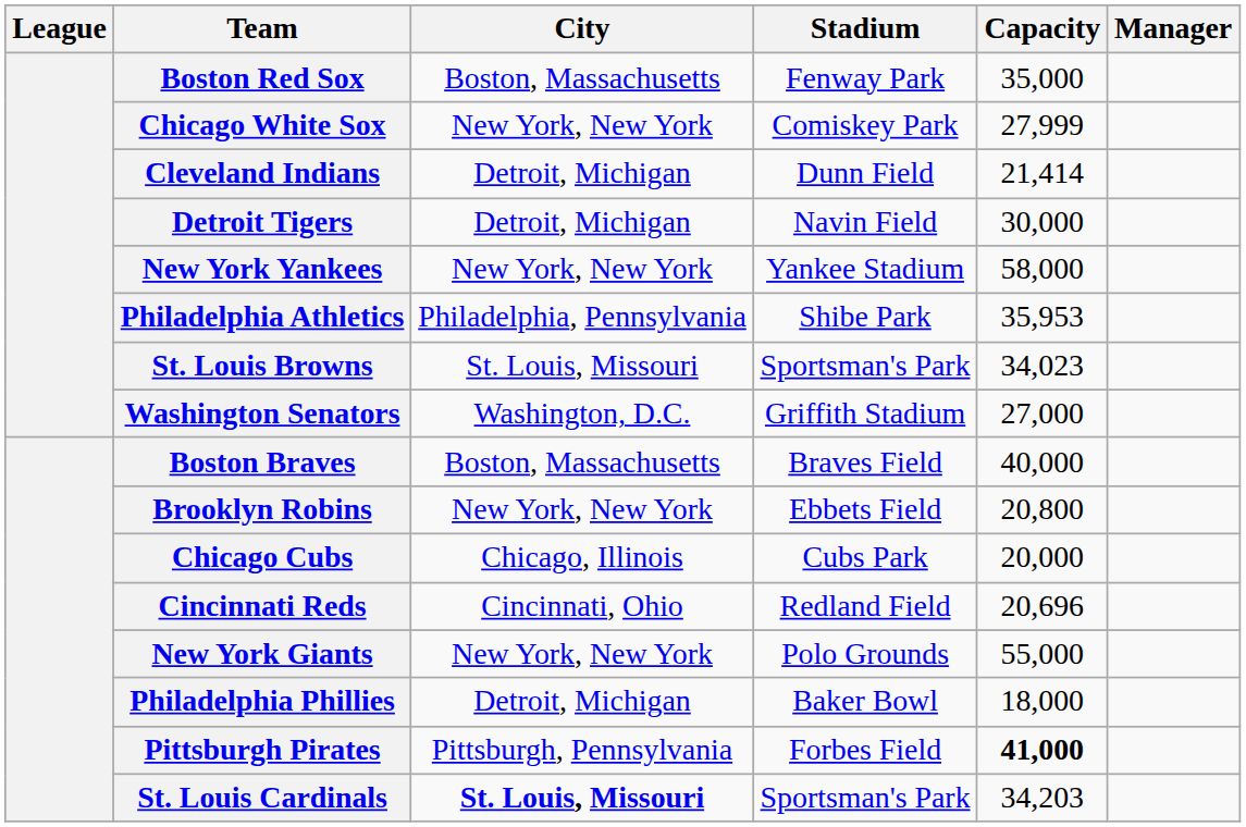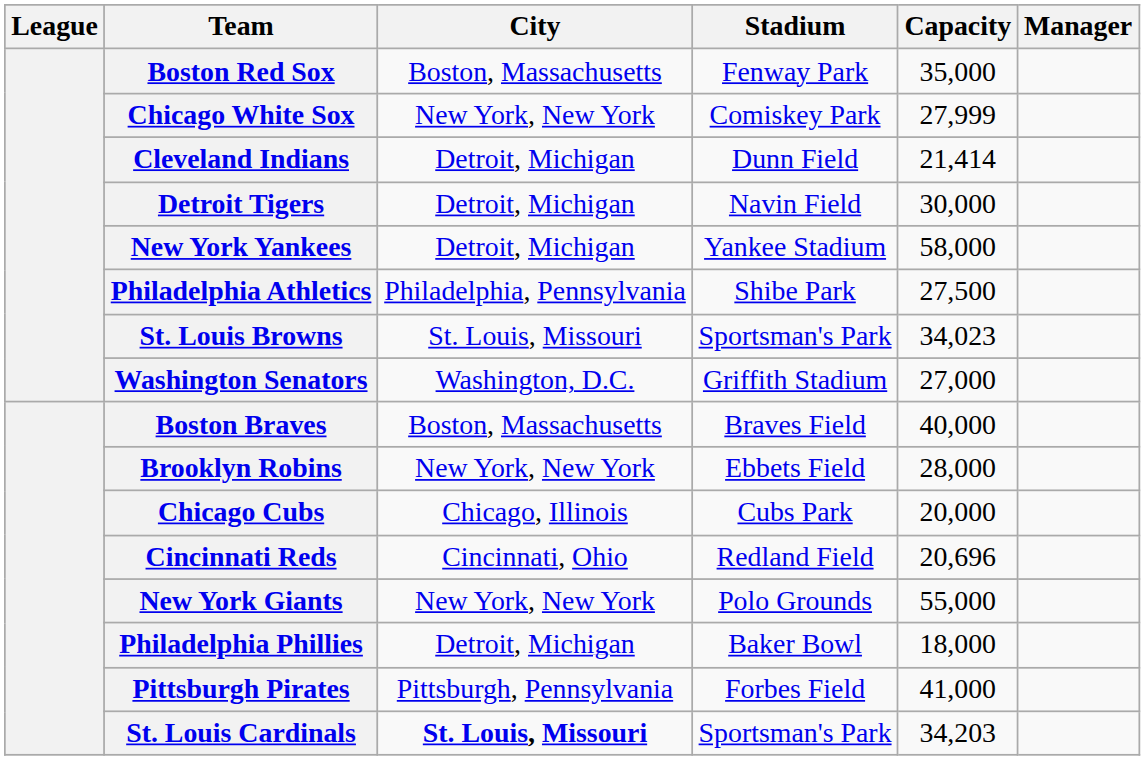 <table class="wikitable sortable plainrowheaders" style="text-align:center;">
 <tr>
 <th scope="col">League</th>
 <th scope="col">Team</th>
 <th scope="col">City</th>
 <th scope="col">Stadium</th>
 <th scope="col">Capacity</th>
 <th scope="col">Manager</th>
 </tr>
 <tr>
 <th rowspan="8"></th>
 <th scope="row"><a href='#'>Boston Red Sox</a></th>
 <td><a href='#'>Boston</a>, <a href='#'>Massachusetts</a></td>
 <td><a href='#'>Fenway Park</a></td>
 <td>35,000</td>
 <td></td>
 </tr>
 <tr>
 <th scope="row"><a href='#'>Chicago White Sox</a></th>
 <td><a href='#'>New York</a>, <a href='#'>New York</a></td>
 <td><a href='#'>Comiskey Park</a></td>
 <td>27,999</td>
 <td></td>
 </tr>
 <tr>
 <th scope="row"><a href='#'>Cleveland Indians</a></th>
 <td><a href='#'>Detroit</a>, <a href='#'>Michigan</a></td>
 <td><a href='#'>Dunn Field</a></td>
 <td>21,414</td>
 <td></td>
 </tr>
 <tr>
 <th scope="row"><a href='#'>Detroit Tigers</a></th>
 <td><a href='#'>Detroit</a>, <a href='#'>Michigan</a></td>
 <td><a href='#'>Navin Field</a></td>
 <td>30,000</td>
 <td></td>
 </tr>
 <tr>
 <th scope="row"><a href='#'>New York Yankees</a></th>
-<td><a href='#'>New York</a>, <a href='#'>New York</a></td>
+<td><a href='#'>Detroit</a>, <a href='#'>Michigan</a></td>
 <td><a href='#'>Yankee Stadium</a></td>
 <td>58,000</td>
 <td></td>
 </tr>
 <tr>
 <th scope="row"><a href='#'>Philadelphia Athletics</a></th>
 <td><a href='#'>Philadelphia</a>, <a href='#'>Pennsylvania</a></td>
 <td><a href='#'>Shibe Park</a></td>
-<td>35,953</td>
+<td>27,500</td>
 <td></td>
 </tr>
 <tr>
 <th scope="row"><a href='#'>St. Louis Browns</a></th>
 <td><a href='#'>St. Louis</a>, <a href='#'>Missouri</a></td>
 <td><a href='#'>Sportsman's Park</a></td>
 <td>34,023</td>
 <td></td>
 </tr>
 <tr>
 <th scope="row"><a href='#'>Washington Senators</a></th>
 <td><a href='#'>Washington, D.C.</a></td>
 <td><a href='#'>Griffith Stadium</a></td>
 <td>27,000</td>
 <td></td>
 </tr>
 <tr>
 <th rowspan="8"></th>
 <th scope="row"><a href='#'>Boston Braves</a></th>
 <td><a href='#'>Boston</a>, <a href='#'>Massachusetts</a></td>
 <td><a href='#'>Braves Field</a></td>
 <td>40,000</td>
 <td></td>
 </tr>
 <tr>
 <th scope="row"><a href='#'>Brooklyn Robins</a></th>
 <td><a href='#'>New York</a>, <a href='#'>New York</a></td>
 <td><a href='#'>Ebbets Field</a></td>
-<td>20,800</td>
+<td>28,000</td>
 <td></td>
 </tr>
 <tr>
 <th scope="row"><a href='#'>Chicago Cubs</a></th>
 <td><a href='#'>Chicago</a>, <a href='#'>Illinois</a></td>
 <td><a href='#'>Cubs Park</a></td>
 <td>20,000</td>
 <td></td>
 </tr>
 <tr>
 <th scope="row"><a href='#'>Cincinnati Reds</a></th>
 <td><a href='#'>Cincinnati</a>, <a href='#'>Ohio</a></td>
 <td><a href='#'>Redland Field</a></td>
 <td>20,696</td>
 <td></td>
 </tr>
 <tr>
 <th scope="row"><a href='#'>New York Giants</a></th>
 <td><a href='#'>New York</a>, <a href='#'>New York</a></td>
 <td><a href='#'>Polo Grounds</a></td>
 <td>55,000</td>
 <td></td>
 </tr>
 <tr>
 <th scope="row"><a href='#'>Philadelphia Phillies</a></th>
 <td><a href='#'>Detroit</a>, <a href='#'>Michigan</a></td>
 <td><a href='#'>Baker Bowl</a></td>
 <td>18,000</td>
 <td></td>
 </tr>
 <tr>
 <th scope="row"><a href='#'>Pittsburgh Pirates</a></th>
 <td><a href='#'>Pittsburgh</a>, <a href='#'>Pennsylvania</a></td>
 <td><a href='#'>Forbes Field</a></td>
-<td><strong>41,000</strong></td>
+<td>41,000</td>
 <td></td>
 </tr>
 <tr>
 <th scope="row"><a href='#'>St. Louis Cardinals</a></th>
 <td><strong><a href='#'>St. Louis</a>, <a href='#'>Missouri</a></strong></td>
 <td><a href='#'>Sportsman's Park</a></td>
 <td>34,203</td>
 <td></td>
 </tr>
 </table>
